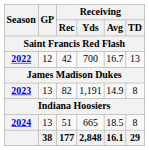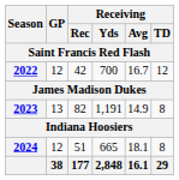 <table class="wikitable" style="text-align:center;">
 <tr>
 <th rowspan="2">Season</th>
 <th rowspan="2">GP</th>
 <th colspan="4">Receiving</th>
 </tr>
 <tr>
 <th>Rec</th>
 <th>Yds</th>
 <th>Avg</th>
 <th>TD</th>
 </tr>
 <tr>
 <th colspan="11">Saint Francis Red Flash</th>
 </tr>
 <tr>
 <th><a href='#'>2022</a></th>
 <td>12</td>
 <td>42</td>
 <td>700</td>
 <td>16.7</td>
-<td>13</td>
+<td>12</td>
 </tr>
 <tr>
 <th colspan="11">James Madison Dukes</th>
 </tr>
 <tr>
 <th><a href='#'>2023</a></th>
 <td>13</td>
 <td>82</td>
 <td>1,191</td>
 <td>14.9</td>
 <td>8</td>
 </tr>
 <tr>
 <th colspan="11">Indiana Hoosiers</th>
 </tr>
 <tr>
 <th><a href='#'>2024</a></th>
-<td>13</td>
+<td>12</td>
 <td>51</td>
 <td>665</td>
-<td>18.5</td>
+<td>18.1</td>
 <td>8</td>
 </tr>
 <tr>
 <th></th>
 <th>38</th>
 <th>177</th>
 <th>2,848</th>
 <th>16.1</th>
 <th>29</th>
 </tr>
 </table>
